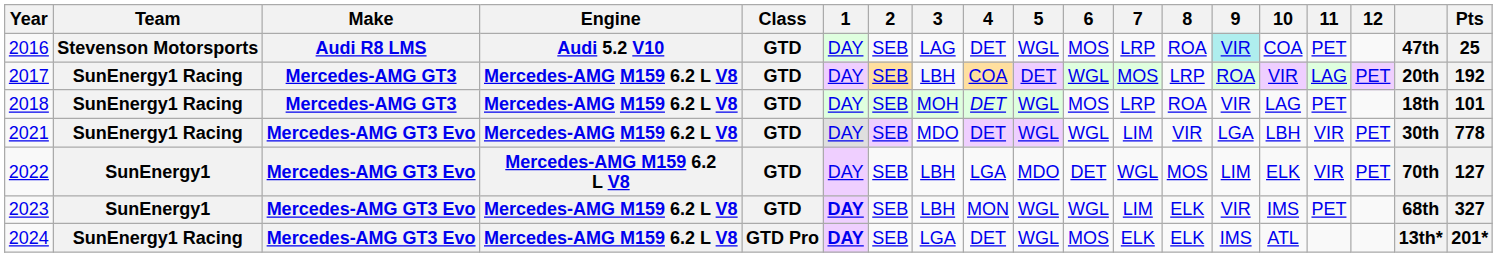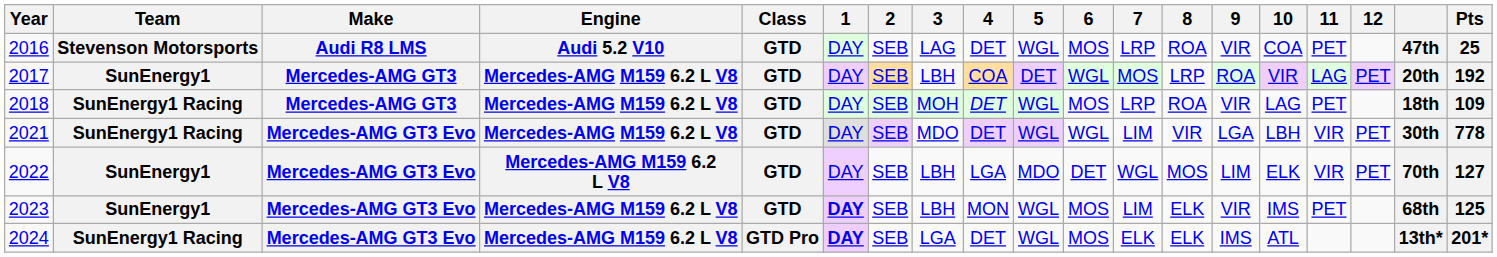 <table class="wikitable" style="text-align:center; font-size:90%">
 <tr>
 <th>Year</th>
 <th>Team</th>
 <th>Make</th>
 <th>Engine</th>
 <th>Class</th>
 <th>1</th>
 <th>2</th>
 <th>3</th>
 <th>4</th>
 <th>5</th>
 <th>6</th>
 <th>7</th>
 <th>8</th>
 <th>9</th>
 <th>10</th>
 <th>11</th>
 <th>12</th>
 <th></th>
 <th>Pts</th>
 </tr>
 <tr>
 <td><a href='#'>2016</a></td>
 <th>Stevenson Motorsports</th>
 <th><a href='#'>Audi R8 LMS</a></th>
 <th><a href='#'>Audi</a> 5.2 <a href='#'>V10</a></th>
 <th>GTD</th>
 <td style="background:#dfffdf"><a href='#'>DAY</a><br></td>
 <td><a href='#'>SEB</a></td>
 <td><a href='#'>LAG</a></td>
 <td><a href='#'>DET</a></td>
 <td><a href='#'>WGL</a></td>
 <td><a href='#'>MOS</a></td>
 <td><a href='#'>LRP</a></td>
 <td><a href='#'>ROA</a></td>
-<td style="background: paleturquoise;"><a href='#'>VIR</a></td>
+<td><a href='#'>VIR</a></td>
 <td><a href='#'>COA</a></td>
 <td><a href='#'>PET</a></td>
 <td></td>
 <th>47th</th>
 <th>25</th>
 </tr>
 <tr>
 <td><a href='#'>2017</a></td>
-<th>SunEnergy1 Racing</th>
+<th>SunEnergy1</th>
 <th><a href='#'>Mercedes-AMG GT3</a></th>
 <th><a href='#'>Mercedes-AMG</a> <a href='#'>M159</a> 6.2 L <a href='#'>V8</a></th>
 <th>GTD</th>
 <td style="background:#efcfff"><a href='#'>DAY</a><br></td>
 <td style="background:#ffdf9f"><a href='#'>SEB</a><br></td>
 <td><a href='#'>LBH</a></td>
 <td style="background:#ffdf9f"><a href='#'>COA</a><br></td>
 <td style="background:#efcfff"><a href='#'>DET</a><br></td>
 <td style="background:#dfffdf"><a href='#'>WGL</a><br></td>
 <td style="background:#dfffdf"><a href='#'>MOS</a><br></td>
 <td><a href='#'>LRP</a></td>
 <td style="background:#dfffdf"><a href='#'>ROA</a><br></td>
 <td style="background:#efcfff"><a href='#'>VIR</a><br></td>
 <td style="background:#dfffdf"><a href='#'>LAG</a><br></td>
 <td style="background:#efcfff"><a href='#'>PET</a><br></td>
 <th>20th</th>
 <th>192</th>
 </tr>
 <tr>
 <td><a href='#'>2018</a></td>
 <th>SunEnergy1 Racing</th>
 <th><a href='#'>Mercedes-AMG GT3</a></th>
 <th><a href='#'>Mercedes-AMG</a> <a href='#'>M159</a> 6.2 L <a href='#'>V8</a></th>
 <th>GTD</th>
 <td style="background:#dfffdf"><a href='#'>DAY</a><br></td>
 <td style="background:#dfffdf"><a href='#'>SEB</a><br></td>
 <td style="background:#dfffdf"><a href='#'>MOH</a><br></td>
 <td style="background:#dfffdf"><em><a href='#'>DET</a></em><br></td>
 <td style="background:#dfffdf"><a href='#'>WGL</a><br></td>
 <td><a href='#'>MOS</a></td>
 <td><a href='#'>LRP</a></td>
 <td><a href='#'>ROA</a></td>
 <td><a href='#'>VIR</a></td>
 <td><a href='#'>LAG</a></td>
 <td><a href='#'>PET</a></td>
 <td></td>
 <th>18th</th>
-<th>101</th>
+<th>109</th>
 </tr>
 <tr>
 <td><a href='#'>2021</a></td>
 <th>SunEnergy1 Racing</th>
 <th><a href='#'>Mercedes-AMG GT3 Evo</a></th>
 <th><a href='#'>Mercedes-AMG</a> <a href='#'>M159</a> 6.2 L <a href='#'>V8</a></th>
 <th>GTD</th>
 <td style="background:#dfdfdf"><a href='#'>DAY</a><br></td>
 <td style="background:#efcfff"><a href='#'>SEB</a><br></td>
 <td><a href='#'>MDO</a></td>
 <td style="background:#efcfff"><a href='#'>DET</a><br></td>
 <td style="background:#efcfff"><a href='#'>WGL</a><br></td>
 <td><a href='#'>WGL</a></td>
 <td><a href='#'>LIM</a></td>
 <td><a href='#'>VIR</a></td>
 <td><a href='#'>LGA</a></td>
 <td><a href='#'>LBH</a></td>
 <td><a href='#'>VIR</a></td>
 <td><a href='#'>PET</a></td>
 <th>30th</th>
 <th>778</th>
 </tr>
 <tr>
 <td><a href='#'>2022</a></td>
 <th>SunEnergy1</th>
 <th><a href='#'>Mercedes-AMG GT3 Evo</a></th>
 <th><a href='#'>Mercedes-AMG M159</a> 6.2<br>L <a href='#'>V8</a></th>
 <th>GTD</th>
 <td style="background:#EFCFFF"><a href='#'>DAY</a><br></td>
 <td style="background:#;”"><a href='#'>SEB</a><br></td>
 <td style="background:#;”"><a href='#'>LBH</a><br></td>
 <td style="background:#;”"><a href='#'>LGA</a><br></td>
 <td style="background:#;”"><a href='#'>MDO</a><br></td>
 <td style="background:#;”"><a href='#'>DET</a><br></td>
 <td style="background:#;”"><a href='#'>WGL</a><br></td>
 <td style="background:#;”"><a href='#'>MOS</a><br></td>
 <td style="background:#;”"><a href='#'>LIM</a><br></td>
 <td style="background:#;”"><a href='#'>ELK</a><br></td>
 <td style="background:#;”"><a href='#'>VIR</a><br></td>
 <td style="background:#;”"><a href='#'>PET</a><br></td>
 <th>70th</th>
 <th>127</th>
 </tr>
 <tr>
 <td><a href='#'>2023</a></td>
 <th>SunEnergy1</th>
 <th><a href='#'>Mercedes-AMG GT3 Evo</a></th>
 <th><a href='#'>Mercedes-AMG M159</a> 6.2 L <a href='#'>V8</a></th>
 <th>GTD</th>
 <td style="background:#EFCFFF;"><strong><a href='#'>DAY</a></strong><br></td>
 <td><a href='#'>SEB</a></td>
 <td><a href='#'>LBH</a></td>
 <td><a href='#'>MON</a></td>
 <td><a href='#'>WGL</a></td>
-<td><a href='#'>WGL</a></td>
+<td><a href='#'>MOS</a></td>
 <td><a href='#'>LIM</a></td>
 <td><a href='#'>ELK</a></td>
 <td><a href='#'>VIR</a></td>
 <td><a href='#'>IMS</a></td>
 <td><a href='#'>PET</a></td>
 <td></td>
 <th>68th</th>
-<th>327</th>
+<th>125</th>
 </tr>
 <tr>
 <td><a href='#'>2024</a></td>
 <th>SunEnergy1 Racing</th>
 <th><a href='#'>Mercedes-AMG GT3 Evo</a></th>
 <th><a href='#'>Mercedes-AMG M159</a> 6.2 L <a href='#'>V8</a></th>
 <th>GTD Pro</th>
 <td style="background:#EFCFFF;"><strong><a href='#'>DAY</a><br></strong></td>
 <td><a href='#'>SEB</a></td>
 <td><a href='#'>LGA</a></td>
 <td><a href='#'>DET</a></td>
 <td><a href='#'>WGL</a></td>
 <td><a href='#'>MOS</a></td>
 <td><a href='#'>ELK</a></td>
 <td><a href='#'>ELK</a></td>
 <td><a href='#'>IMS</a></td>
 <td><a href='#'>ATL</a></td>
 <td></td>
 <td></td>
 <th>13th*</th>
 <th>201*</th>
 </tr>
 </table>
